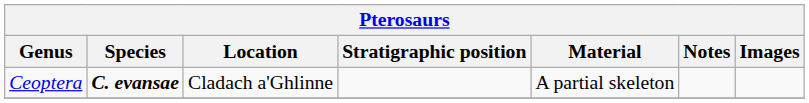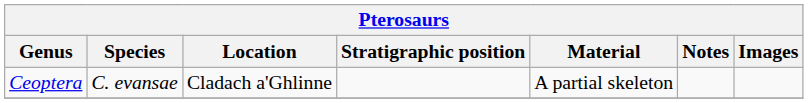 <table class="wikitable" align="center">
 <tr>
 <th colspan="7" align="center"><a href='#'>Pterosaurs</a></th>
 </tr>
 <tr>
 <th>Genus</th>
 <th>Species</th>
 <th>Location</th>
 <th>Stratigraphic position</th>
 <th>Material</th>
 <th>Notes</th>
 <th>Images</th>
 </tr>
 <tr>
 <td><em><a href='#'>Ceoptera</a></em></td>
-<td><strong><em>C. evansae</em></strong></td>
+<td><em>C. evansae</em></td>
 <td>Cladach a'Ghlinne</td>
 <td></td>
 <td>A partial skeleton</td>
 <td></td>
 <td></td>
 </tr>
 <tr>
 </tr>
 </table>
